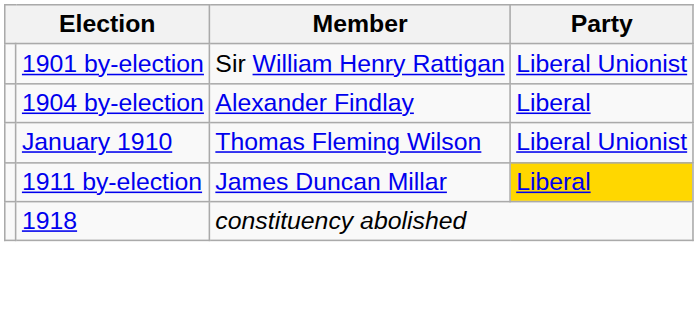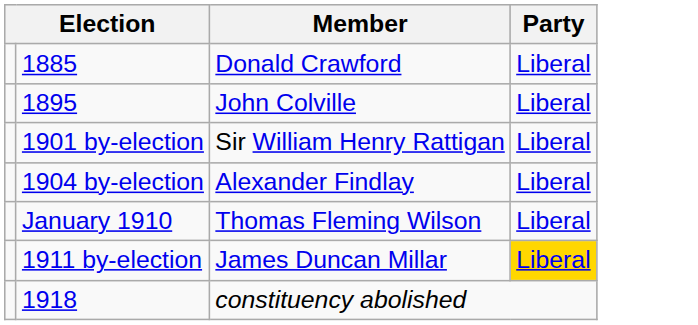 <table class="wikitable">
 <tr>
 <th colspan="2">Election</th>
 <th>Member</th>
 <th>Party</th>
 </tr>
 <tr>
 <td style="color:inherit;background-color: "></td>
+<td><a href='#'>1885</a></td>
+<td><a href='#'>Donald Crawford</a></td>
+<td><a href='#'>Liberal</a></td>
+</tr>
+<tr>
+<td style="color:inherit;background-color: "></td>
+<td><a href='#'>1895</a></td>
+<td><a href='#'>John Colville</a></td>
+<td><a href='#'>Liberal</a></td>
+</tr>
+<tr>
+<td style="color:inherit;background-color: "></td>
 <td><a href='#'>1901 by-election</a></td>
 <td>Sir <a href='#'>William Henry Rattigan</a></td>
-<td><a href='#'>Liberal Unionist</a></td>
+<td><a href='#'>Liberal</a></td>
 </tr>
 <tr>
 <td style="color:inherit;background-color: "></td>
 <td><a href='#'>1904 by-election</a></td>
 <td><a href='#'>Alexander Findlay</a></td>
 <td><a href='#'>Liberal</a></td>
 </tr>
 <tr>
 <td style="color:inherit;background-color: "></td>
 <td><a href='#'>January 1910</a></td>
 <td><a href='#'>Thomas Fleming Wilson</a></td>
-<td><a href='#'>Liberal Unionist</a></td>
+<td><a href='#'>Liberal</a></td>
 </tr>
 <tr>
 <td style="color:inherit;background-color: "></td>
 <td><a href='#'>1911 by-election</a></td>
 <td><a href='#'>James Duncan Millar</a></td>
 <td style="background: gold;"><a href='#'>Liberal</a></td>
 </tr>
 <tr>
 <td></td>
 <td><a href='#'>1918</a></td>
 <td colspan="2"><em>constituency abolished</em></td>
 </tr>
 </table>
